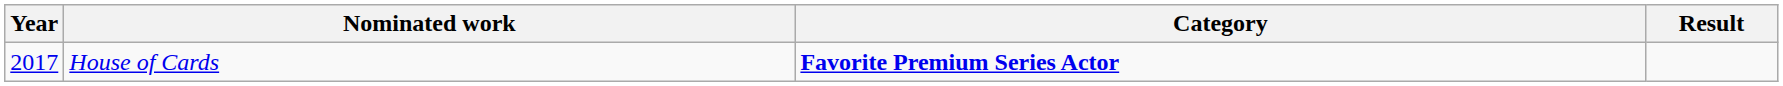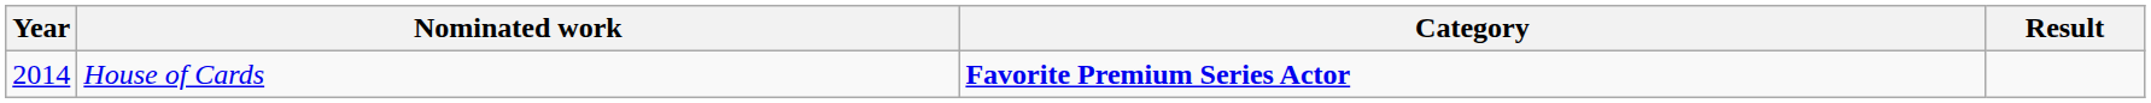 <table class="wikitable">
 <tr>
 <th scope="col" style="width:1em;">Year</th>
 <th scope="col" style="width:30em;">Nominated work</th>
 <th scope="col" style="width:35em;">Category</th>
 <th scope="col" style="width:5em;">Result</th>
 </tr>
 <tr>
-<td><a href='#'>2017</a></td>
+<td><a href='#'>2014</a></td>
 <td><em><a href='#'>House of Cards</a></em></td>
 <td><strong><a href='#'>Favorite Premium Series Actor</a></strong></td>
 <td></td>
 </tr>
 </table>
